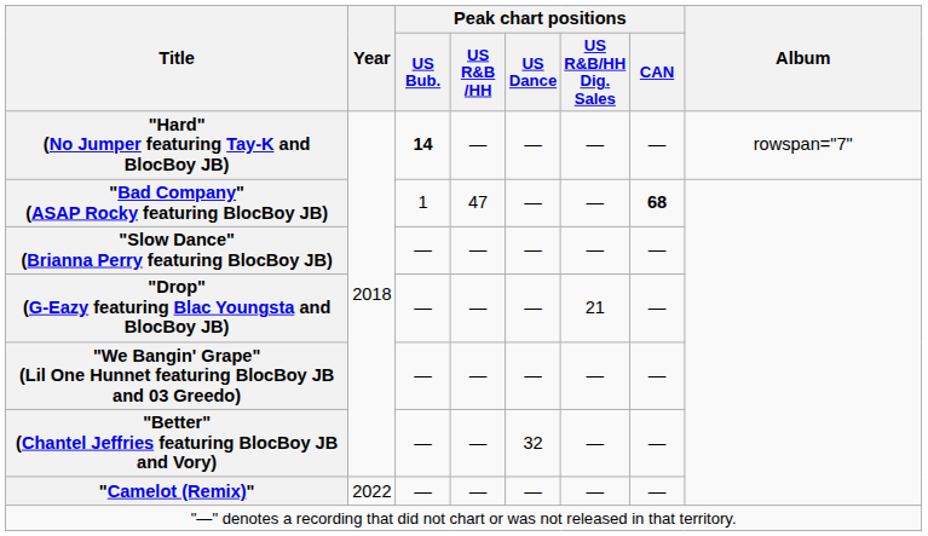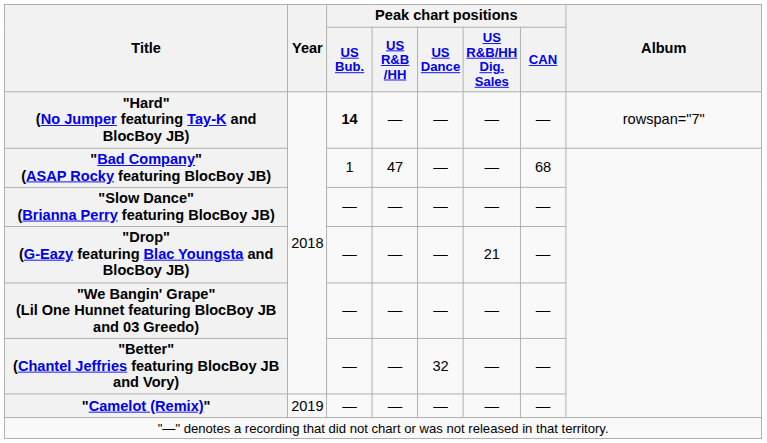 <table class="wikitable plainrowheaders" style="text-align:center;" border="1">
 <tr>
 <th scope="col" rowspan="2" style="width:19em;">Title</th>
 <th scope="col" rowspan="2" style="width:1em;">Year</th>
 <th scope="col" colspan="5">Peak chart positions</th>
 <th scope="col" rowspan="2" style="width:13em;">Album</th>
 </tr>
 <tr>
 <th scope="col" style="width:3em;font-size:90%;"><a href='#'>US<br>Bub.</a><br></th>
 <th scope="col" style="width:3em;font-size:90%;"><a href='#'>US<br>R&B<br>/HH</a><br></th>
 <th scope="col" style="width:3em;font-size:90%;"><a href='#'>US</a><br><a href='#'>Dance</a><br></th>
 <th scope="col" style="width:3em;font-size:90%;"><a href='#'>US</a><br><a href='#'>R&B/HH</a><br><a href='#'>Dig.</a><br><a href='#'>Sales</a><br></th>
 <th scope="col" style="width:3em;font-size:90%;"><a href='#'>CAN</a><br></th>
 </tr>
 <tr>
 <th scope="row">"Hard"<br><span>(<a href='#'>No Jumper</a> featuring <a href='#'>Tay-K</a> and BlocBoy JB)</span></th>
 <td rowspan="6">2018</td>
 <td><strong>14</strong></td>
 <td>—</td>
 <td>—</td>
 <td>—</td>
 <td>—</td>
 <td>rowspan="7" </td>
 </tr>
 <tr>
 <th scope="row">"<a href='#'>Bad Company</a>"<br><span>(<a href='#'>ASAP Rocky</a> featuring BlocBoy JB)</span></th>
 <td>1</td>
 <td>47</td>
 <td>—</td>
 <td>—</td>
-<td><strong>68</strong></td>
+<td>68</td>
 </tr>
 <tr>
 <th scope="row">"Slow Dance"<br><span>(<a href='#'>Brianna Perry</a> featuring BlocBoy JB)</span></th>
 <td>—</td>
 <td>—</td>
 <td>—</td>
 <td>—</td>
 <td>—</td>
 </tr>
 <tr>
 <th scope="row">"Drop"<br><span>(<a href='#'>G-Eazy</a> featuring <a href='#'>Blac Youngsta</a> and BlocBoy JB)</span></th>
 <td>—</td>
 <td>—</td>
 <td>—</td>
 <td>21</td>
 <td>—</td>
 </tr>
 <tr>
 <th scope="row">"We Bangin' Grape"<br><span>(Lil One Hunnet featuring BlocBoy JB and 03 Greedo)</span></th>
 <td>—</td>
 <td>—</td>
 <td>—</td>
 <td>—</td>
 <td>—</td>
 </tr>
 <tr>
 <th scope="row">"Better"<br><span>(<a href='#'>Chantel Jeffries</a> featuring BlocBoy JB and Vory)</span></th>
 <td>—</td>
 <td>—</td>
 <td>32</td>
 <td>—</td>
 <td>—</td>
 </tr>
 <tr>
 <th scope="row">"<a href='#'>Camelot (Remix)</a>"<br></th>
-<td>2022</td>
+<td>2019</td>
 <td>—</td>
 <td>—</td>
 <td>—</td>
 <td>—</td>
 <td>—</td>
 </tr>
 <tr>
 <td colspan="15" style="font-size:90%">"—" denotes a recording that did not chart or was not released in that territory.</td>
 </tr>
 </table>
